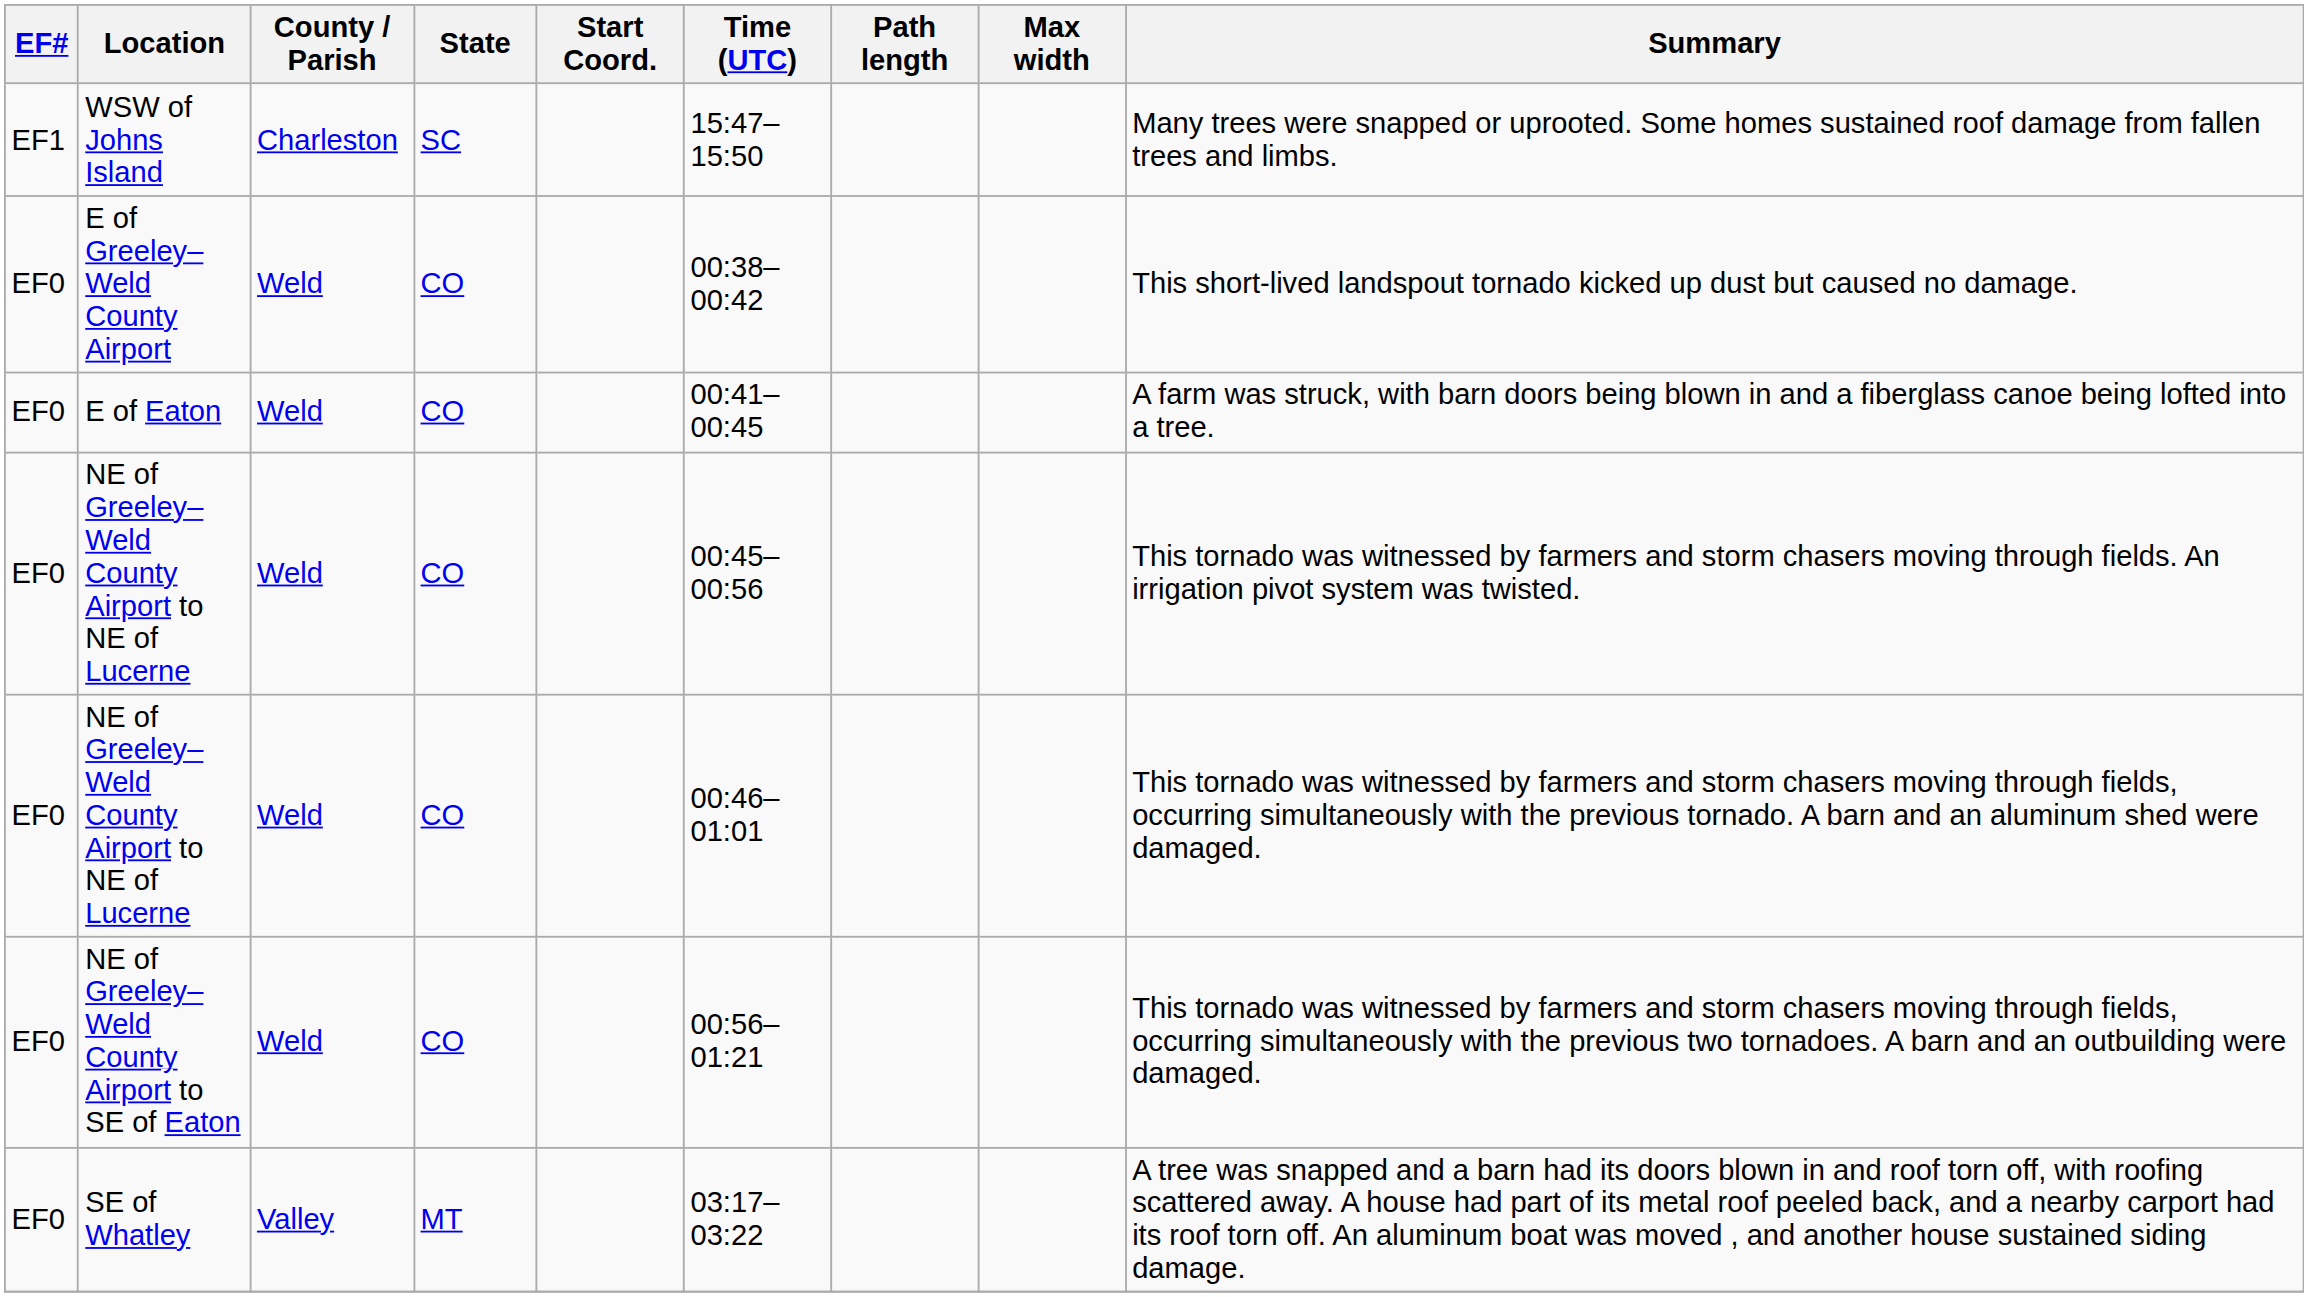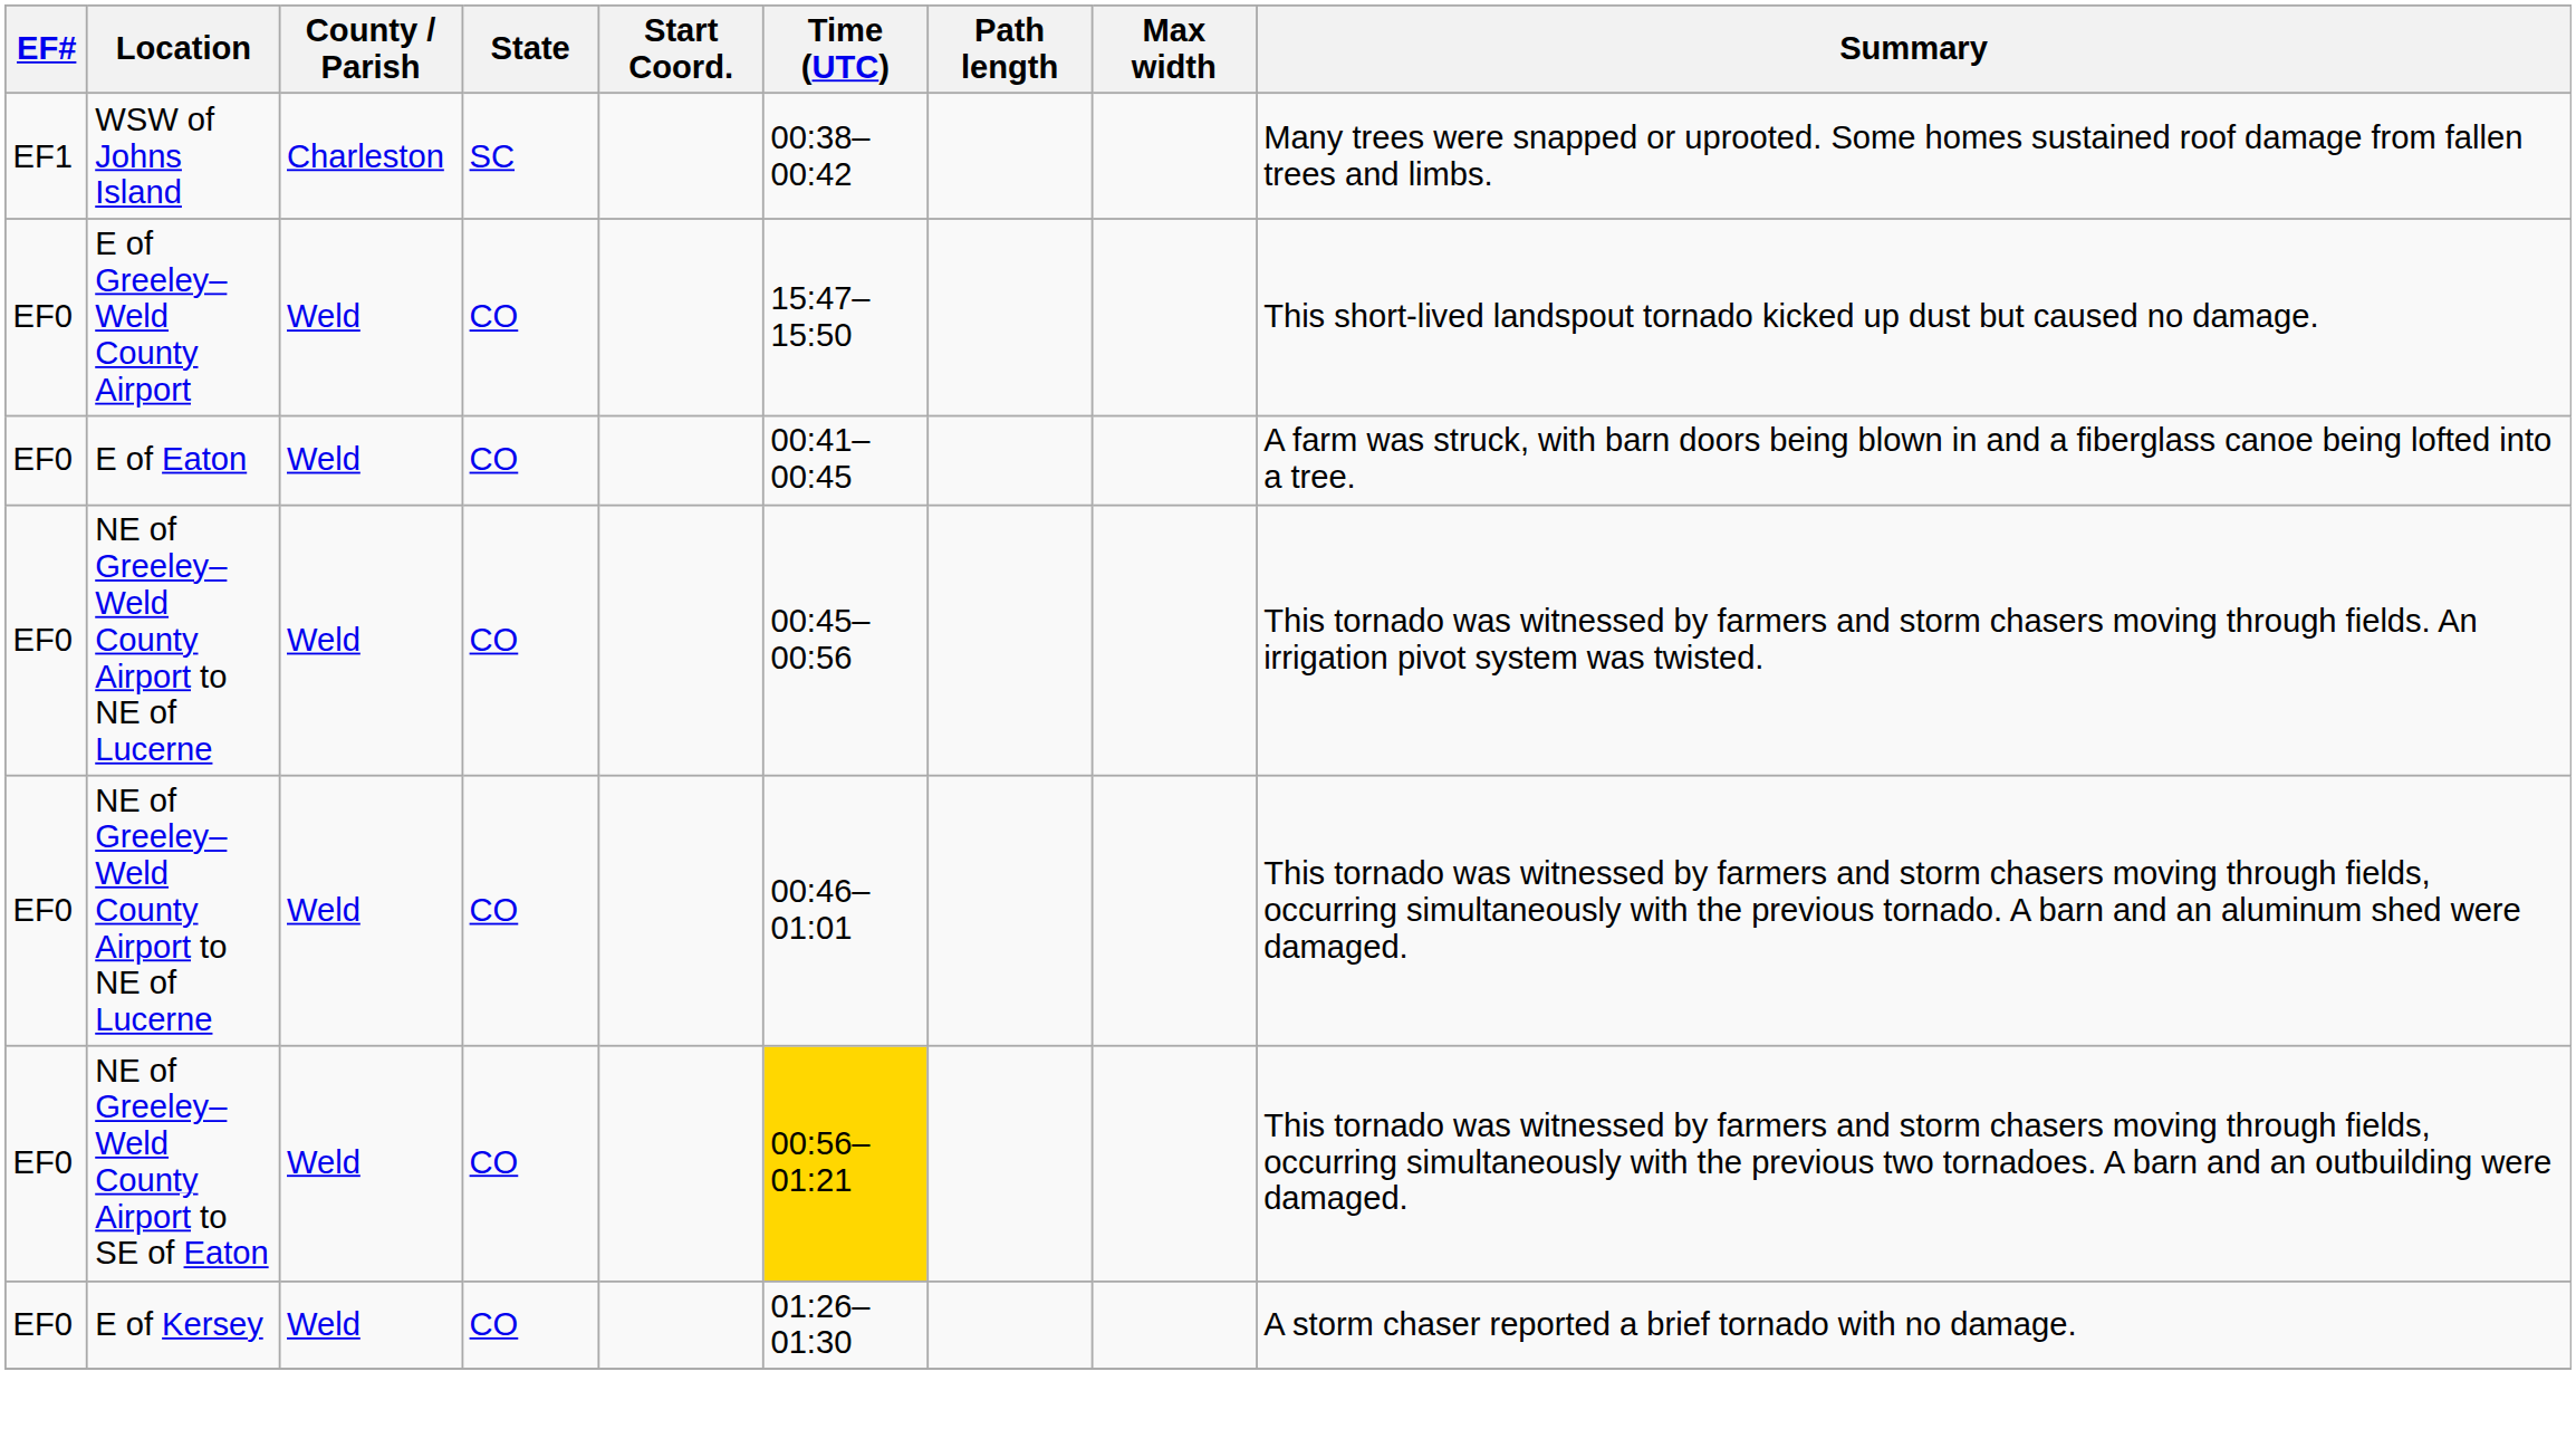 <table class="wikitable sortable" style="width:100%;">
 <tr>
 <th scope="col"  style="width:3%; text-align:center;"><a href='#'>EF#</a></th>
 <th scope="col"  style="width:7%; text-align:center;" class="unsortable">Location</th>
 <th scope="col"  style="width:6%; text-align:center;" class="unsortable">County / Parish</th>
 <th scope="col"  style="width:5%; text-align:center;">State</th>
 <th scope="col"  style="width:6%; text-align:center;">Start Coord.</th>
 <th scope="col"  style="width:6%; text-align:center;">Time (<a href='#'>UTC</a>)</th>
 <th scope="col"  style="width:6%; text-align:center;">Path length</th>
 <th scope="col"  style="width:6%; text-align:center;">Max width</th>
 <th scope="col" class="unsortable" style="width:48%; text-align:center;">Summary</th>
 </tr>
 <tr>
 <td>EF1</td>
 <td>WSW of <a href='#'>Johns Island</a></td>
 <td><a href='#'>Charleston</a></td>
 <td><a href='#'>SC</a></td>
 <td></td>
-<td>15:47–15:50</td>
+<td>00:38–00:42</td>
 <td></td>
 <td></td>
 <td>Many trees were snapped or uprooted. Some homes sustained roof damage from fallen trees and limbs.</td>
 </tr>
 <tr>
 <td>EF0</td>
 <td>E of <a href='#'>Greeley–Weld County Airport</a></td>
 <td><a href='#'>Weld</a></td>
 <td><a href='#'>CO</a></td>
 <td></td>
-<td>00:38–00:42</td>
+<td>15:47–15:50</td>
 <td></td>
 <td></td>
 <td>This short-lived landspout tornado kicked up dust but caused no damage.</td>
 </tr>
 <tr>
 <td>EF0</td>
 <td>E of <a href='#'>Eaton</a></td>
 <td><a href='#'>Weld</a></td>
 <td><a href='#'>CO</a></td>
 <td></td>
 <td>00:41–00:45</td>
 <td></td>
 <td></td>
 <td>A farm was struck, with barn doors being blown in and a fiberglass canoe being lofted into a tree.</td>
 </tr>
 <tr>
 <td>EF0</td>
 <td>NE of <a href='#'>Greeley–Weld County Airport</a> to NE of <a href='#'>Lucerne</a></td>
 <td><a href='#'>Weld</a></td>
 <td><a href='#'>CO</a></td>
 <td></td>
 <td>00:45–00:56</td>
 <td></td>
 <td></td>
 <td>This tornado was witnessed by farmers and storm chasers moving through fields. An irrigation pivot system was twisted.</td>
 </tr>
 <tr>
 <td>EF0</td>
 <td>NE of <a href='#'>Greeley–Weld County Airport</a> to NE of <a href='#'>Lucerne</a></td>
 <td><a href='#'>Weld</a></td>
 <td><a href='#'>CO</a></td>
 <td></td>
 <td>00:46–01:01</td>
 <td></td>
 <td></td>
 <td>This tornado was witnessed by farmers and storm chasers moving through fields, occurring simultaneously with the previous tornado. A barn and an aluminum shed were damaged.</td>
 </tr>
 <tr>
 <td>EF0</td>
 <td>NE of <a href='#'>Greeley–Weld County Airport</a> to SE of <a href='#'>Eaton</a></td>
 <td><a href='#'>Weld</a></td>
 <td><a href='#'>CO</a></td>
 <td></td>
-<td>00:56–01:21</td>
+<td style="background: gold;">00:56–01:21</td>
 <td></td>
 <td></td>
 <td>This tornado was witnessed by farmers and storm chasers moving through fields, occurring simultaneously with the previous two tornadoes. A barn and an outbuilding were damaged.</td>
 </tr>
 <tr>
 <td>EF0</td>
-<td>SE of <a href='#'>Whatley</a></td>
-<td><a href='#'>Valley</a></td>
-<td><a href='#'>MT</a></td>
+<td>E of <a href='#'>Kersey</a></td>
+<td><a href='#'>Weld</a></td>
+<td><a href='#'>CO</a></td>
 <td></td>
-<td>03:17–03:22</td>
+<td>01:26–01:30</td>
 <td></td>
 <td></td>
-<td>A tree was snapped and a barn had its doors blown in and roof torn off, with roofing scattered  away. A house had part of its metal roof peeled back, and a nearby carport had its roof torn off. An aluminum boat was moved , and another house sustained siding damage.</td>
+<td>A storm chaser reported a brief tornado with no damage.</td>
 </tr>
 <tr>
 </tr>
 </table>
